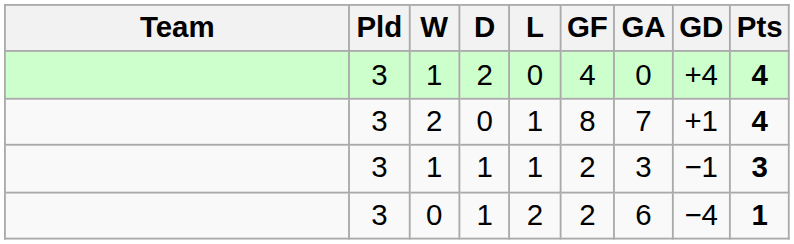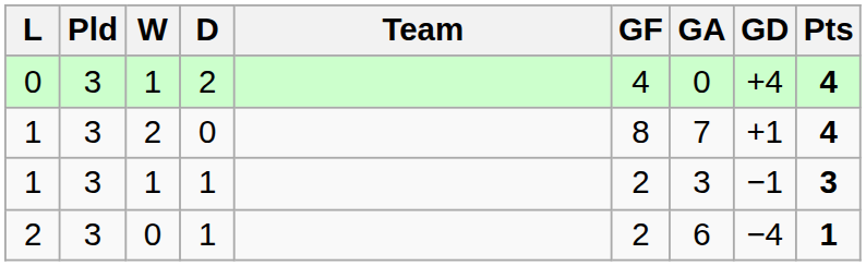 <table class="wikitable" style="text-align:center;">
 <tr>
-<th width=180>Team</th>
+<th width=20>L</th>
 <th width=20>Pld</th>
 <th width=20>W</th>
 <th width=20>D</th>
-<th width=20>L</th>
+<th width=180>Team</th>
 <th width=20>GF</th>
 <th width=20>GA</th>
 <th width=20>GD</th>
 <th width=20>Pts</th>
 </tr>
 <tr bgcolor="ccffcc">
-<td align="left"></td>
+<td>0</td>
 <td>3</td>
 <td>1</td>
 <td>2</td>
-<td>0</td>
+<td align="left"></td>
 <td>4</td>
 <td>0</td>
 <td>+4</td>
 <td><strong>4</strong></td>
 </tr>
 <tr>
-<td align="left"></td>
+<td>1</td>
 <td>3</td>
 <td>2</td>
 <td>0</td>
-<td>1</td>
+<td align="left"></td>
 <td>8</td>
 <td>7</td>
 <td>+1</td>
 <td><strong>4</strong></td>
 </tr>
 <tr>
-<td align="left"></td>
+<td>1</td>
 <td>3</td>
 <td>1</td>
 <td>1</td>
-<td>1</td>
+<td align="left"></td>
 <td>2</td>
 <td>3</td>
 <td>−1</td>
 <td><strong>3</strong></td>
 </tr>
 <tr>
-<td align="left"></td>
+<td>2</td>
 <td>3</td>
 <td>0</td>
 <td>1</td>
-<td>2</td>
+<td align="left"></td>
 <td>2</td>
 <td>6</td>
 <td>−4</td>
 <td><strong>1</strong></td>
 </tr>
 </table>
